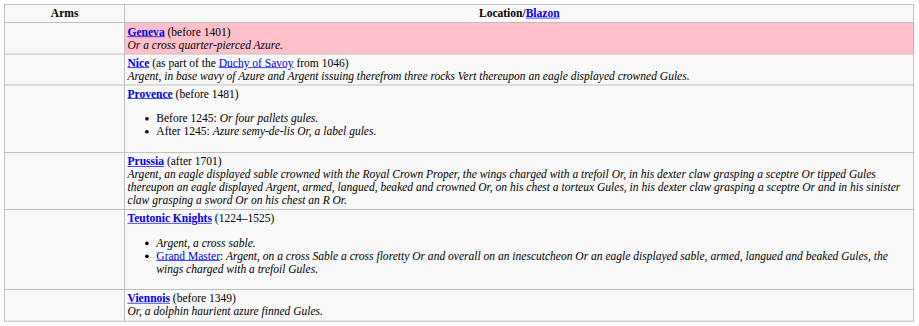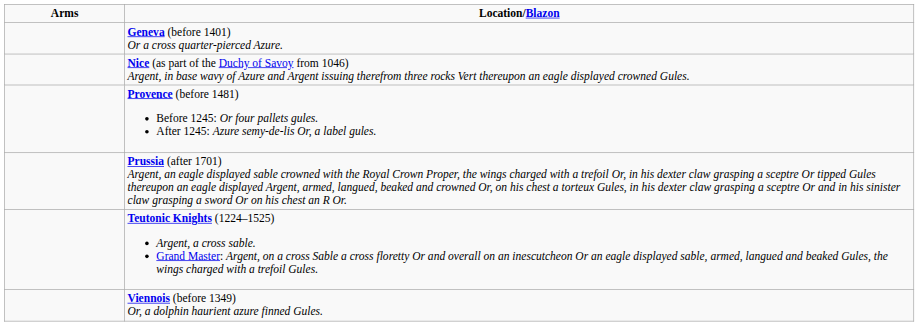 <table class=wikitable width=100%>
 <tr valign=top  align=center>
 <td width="160"><strong>Arms</strong></td>
 <td><strong>Location/<a href='#'>Blazon</a></strong></td>
 </tr>
 <tr valign=top>
 <td align=center></td>
-<td style="background: pink;"><strong><a href='#'>Geneva</a></strong> (before 1401)<br><em>Or a cross quarter-pierced Azure.</em></td>
+<td><strong><a href='#'>Geneva</a></strong> (before 1401)<br><em>Or a cross quarter-pierced Azure.</em></td>
 </tr>
 <tr valign=top>
 <td align=center></td>
 <td><strong><a href='#'>Nice</a></strong> (as part of the <a href='#'>Duchy of Savoy</a> from 1046)<br><em>Argent, in base wavy of Azure and Argent issuing therefrom three rocks Vert thereupon an eagle displayed crowned Gules.</em></td>
 </tr>
 <tr valign=top>
 <td align=center> </td>
 <td><strong><a href='#'>Provence</a></strong> (before 1481)<br><ul><li>Before 1245: <em>Or four pallets gules.</em></li><li>After 1245: <em>Azure semy-de-lis Or, a label gules.</em></li></ul></td>
 </tr>
 <tr valign=top>
 <td align=center></td>
 <td><strong><a href='#'>Prussia</a></strong> (after 1701)<br><em>Argent, an eagle displayed sable crowned with the Royal Crown Proper, the wings charged with a trefoil Or, in his dexter claw grasping a sceptre Or tipped Gules thereupon an eagle displayed Argent, armed, langued, beaked and crowned Or, on his chest a torteux Gules, in his dexter claw grasping a sceptre Or and in his sinister claw grasping a sword Or on his chest an R Or.</em><br></td>
 </tr>
 <tr valign=top>
 <td align=center> </td>
 <td><strong><a href='#'>Teutonic Knights</a></strong> (1224–1525)<br><ul><li><em>Argent, a cross sable.</em></li><li><a href='#'>Grand Master</a>: <em>Argent, on a cross Sable a cross floretty Or and overall on an inescutcheon Or an eagle displayed sable, armed, langued and beaked Gules, the wings charged with a trefoil Gules.</em></li></ul></td>
 </tr>
 <tr valign=top>
 <td align=center></td>
 <td><strong><a href='#'>Viennois</a></strong> (before 1349)<br><em>Or, a dolphin haurient azure finned Gules.</em></td>
 </tr>
 </table>
